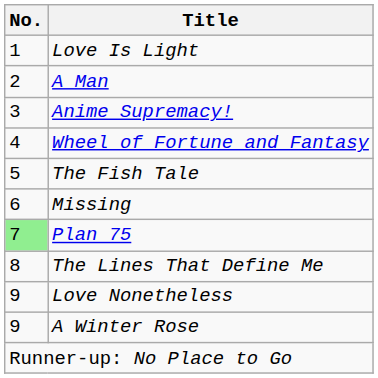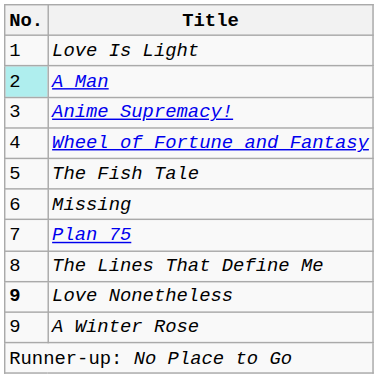 <table class="wikitable">
 <tr>
 <th>No.</th>
 <th>Title</th>
 </tr>
 <tr>
 <td>1</td>
 <td><em>Love Is Light</em></td>
 </tr>
 <tr>
-<td>2</td>
+<td style="background: paleturquoise;">2</td>
 <td><em><a href='#'>A Man</a></em></td>
 </tr>
 <tr>
 <td>3</td>
 <td><em><a href='#'>Anime Supremacy!</a></em></td>
 </tr>
 <tr>
 <td>4</td>
 <td><em><a href='#'>Wheel of Fortune and Fantasy</a></em></td>
 </tr>
 <tr>
 <td>5</td>
 <td><em>The Fish Tale</em></td>
 </tr>
 <tr>
 <td>6</td>
 <td><em>Missing</em></td>
 </tr>
 <tr>
-<td style="background: lightgreen;">7</td>
+<td>7</td>
 <td><em><a href='#'>Plan 75</a></em></td>
 </tr>
 <tr>
 <td>8</td>
 <td><em>The Lines That Define Me</em></td>
 </tr>
 <tr>
-<td>9</td>
+<td><strong>9</strong></td>
 <td><em>Love Nonetheless</em></td>
 </tr>
 <tr>
 <td>9</td>
 <td><em>A Winter Rose</em></td>
 </tr>
 <tr>
 <td colspan="2">Runner-up: <em>No Place to Go</em></td>
 </tr>
 </table>
